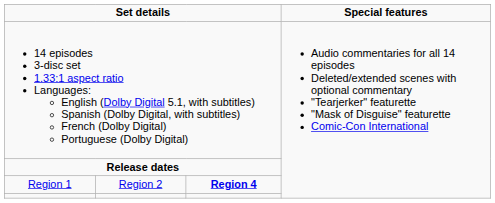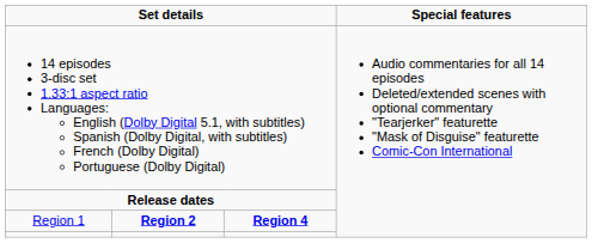 <table class="wikitable">
 <tr valign="top">
 <td align="center" width="400" colspan="3"><strong>Set details</strong></td>
 <td width="300" align="center"><strong>Special features</strong></td>
 </tr>
 <tr valign="top">
 <td colspan="3" align="left" width="400"><br><ul><li>14 episodes</li><li>3-disc set</li><li><a href='#'>1.33:1 aspect ratio</a></li><li>Languages:<ul><li>English (<a href='#'>Dolby Digital</a> 5.1, with subtitles)</li><li>Spanish (Dolby Digital, with subtitles)</li><li>French (Dolby Digital)</li><li>Portuguese  (Dolby Digital)</li></ul></li></ul></td>
 <td rowspan="4" align="left" width="300"><br><ul><li>Audio commentaries for all 14 episodes</li><li>Deleted/extended scenes with optional commentary</li><li>"Tearjerker" featurette</li><li>"Mask of Disguise" featurette</li><li><a href='#'>Comic-Con International</a></li></ul></td>
 </tr>
 <tr>
 <td colspan="3" align="center"><strong>Release dates</strong></td>
 </tr>
 <tr>
 <td align="center"><a href='#'>Region 1</a></td>
-<td align="center"><a href='#'>Region 2</a></td>
+<td align="center"><strong><a href='#'>Region 2</a></strong></td>
 <td align="center"><strong><a href='#'>Region 4</a></strong></td>
 </tr>
 <tr>
 <td align="center"></td>
 <td align="center"></td>
 <td aligh="center"></td>
 </tr>
 </table>
